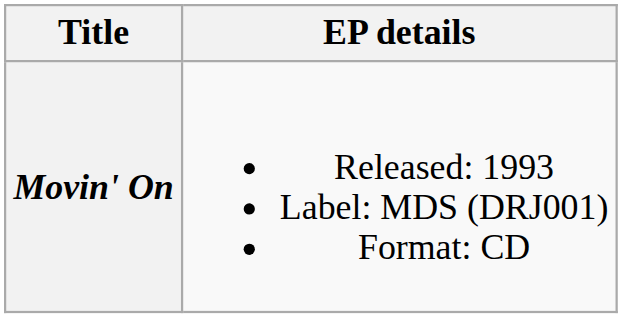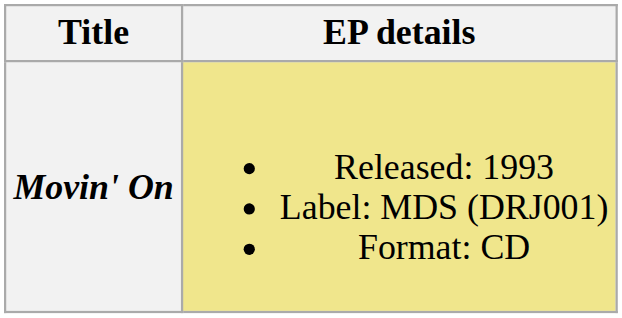 <table class="wikitable plainrowheaders" style="text-align:center;" border="1">
 <tr>
 <th scope="col">Title</th>
 <th scope="col">EP details</th>
 </tr>
 <tr>
 <th scope="row"><em>Movin' On</em></th>
-<td><br><ul><li>Released: 1993</li><li>Label: MDS (DRJ001)</li><li>Format: CD</li></ul></td>
+<td style="background: khaki;"><br><ul><li>Released: 1993</li><li>Label: MDS (DRJ001)</li><li>Format: CD</li></ul></td>
 </tr>
 </table>
